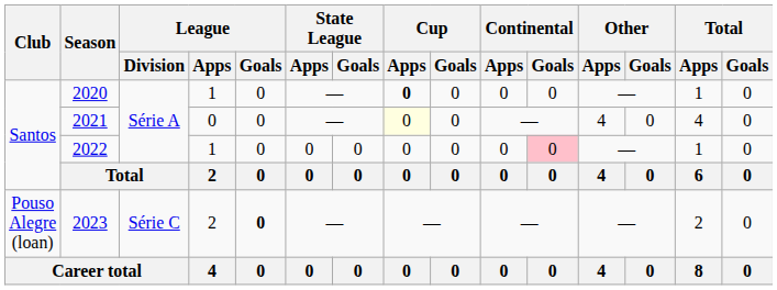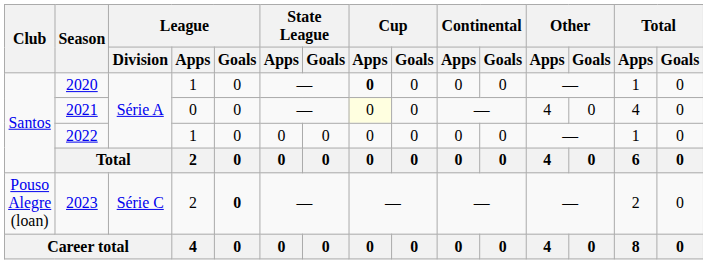 <table class="wikitable" style="text-align: center;">
 <tr>
 <th rowspan="2">Club</th>
 <th rowspan="2">Season</th>
 <th colspan="3">League</th>
 <th colspan="2">State League</th>
 <th colspan="2">Cup</th>
 <th colspan="2">Continental</th>
 <th colspan="2">Other</th>
 <th colspan="2">Total</th>
 </tr>
 <tr>
 <th>Division</th>
 <th>Apps</th>
 <th>Goals</th>
 <th>Apps</th>
 <th>Goals</th>
 <th>Apps</th>
 <th>Goals</th>
 <th>Apps</th>
 <th>Goals</th>
 <th>Apps</th>
 <th>Goals</th>
 <th>Apps</th>
 <th>Goals</th>
 </tr>
 <tr>
 <td rowspan="4" valign="center"><a href='#'>Santos</a></td>
 <td><a href='#'>2020</a></td>
 <td rowspan="3"><a href='#'>Série A</a></td>
 <td>1</td>
 <td>0</td>
 <td colspan="2">—</td>
 <td><strong>0</strong></td>
 <td>0</td>
 <td>0</td>
 <td>0</td>
 <td colspan="2">—</td>
 <td>1</td>
 <td>0</td>
 </tr>
 <tr>
 <td><a href='#'>2021</a></td>
 <td>0</td>
 <td>0</td>
 <td colspan="2">—</td>
 <td style="background: lightyellow;">0</td>
 <td>0</td>
 <td colspan="2">—</td>
 <td>4</td>
 <td>0</td>
 <td>4</td>
 <td>0</td>
 </tr>
 <tr>
 <td><a href='#'>2022</a></td>
 <td>1</td>
 <td>0</td>
 <td>0</td>
 <td>0</td>
 <td>0</td>
 <td>0</td>
 <td>0</td>
-<td style="background: pink;">0</td>
+<td>0</td>
 <td colspan="2">—</td>
 <td>1</td>
 <td>0</td>
 </tr>
 <tr>
 <th colspan="2">Total</th>
 <th>2</th>
 <th>0</th>
 <th>0</th>
 <th>0</th>
 <th>0</th>
 <th>0</th>
 <th>0</th>
 <th>0</th>
 <th>4</th>
 <th>0</th>
 <th>6</th>
 <th>0</th>
 </tr>
 <tr>
 <td valign="center"><a href='#'>Pouso Alegre</a> (loan)</td>
 <td><a href='#'>2023</a></td>
 <td><a href='#'>Série C</a></td>
 <td>2</td>
 <td><strong>0</strong></td>
 <td colspan="2">—</td>
 <td colspan="2">—</td>
 <td colspan="2">—</td>
 <td colspan="2">—</td>
 <td>2</td>
 <td>0</td>
 </tr>
 <tr>
 <th colspan="3"><strong>Career total</strong></th>
 <th>4</th>
 <th>0</th>
 <th>0</th>
 <th>0</th>
 <th>0</th>
 <th>0</th>
 <th>0</th>
 <th>0</th>
 <th>4</th>
 <th>0</th>
 <th>8</th>
 <th>0</th>
 </tr>
 </table>
